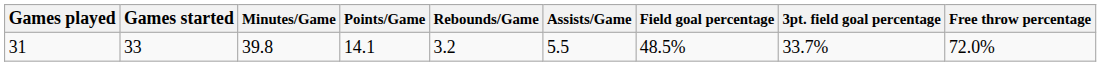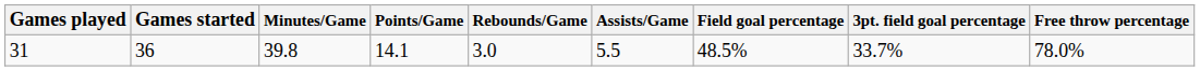 <table class="wikitable">
 <tr>
 <th>Games played</th>
 <th>Games started</th>
 <th><small>Minutes/Game</small></th>
 <th><small>Points/Game</small></th>
 <th><small>Rebounds/Game</small></th>
 <th><small>Assists/Game</small></th>
 <th><small>Field goal percentage</small></th>
 <th><small>3pt. field goal percentage</small></th>
 <th><small>Free throw percentage</small></th>
 </tr>
 <tr>
 <td>31</td>
-<td>33</td>
+<td>36</td>
 <td>39.8</td>
 <td>14.1</td>
-<td>3.2</td>
+<td>3.0</td>
 <td>5.5</td>
 <td>48.5%</td>
 <td>33.7%</td>
-<td>72.0%</td>
+<td>78.0%</td>
 </tr>
 </table>
